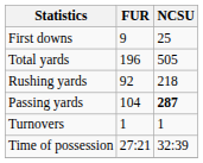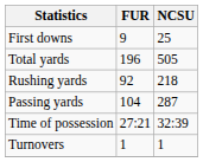 <table class="wikitable">
 <tr>
 <th>Statistics</th>
 <th>FUR</th>
 <th>NCSU</th>
 </tr>
 <tr>
 <td>First downs</td>
 <td>9</td>
 <td>25</td>
 </tr>
 <tr>
 <td>Total yards</td>
 <td>196</td>
 <td>505</td>
 </tr>
 <tr>
 <td>Rushing yards</td>
 <td>92</td>
 <td>218</td>
 </tr>
 <tr>
 <td>Passing yards</td>
 <td>104</td>
-<td><strong>287</strong></td>
+<td>287</td>
+</tr>
+<tr>
+<td>Time of possession</td>
+<td>27:21</td>
+<td>32:39</td>
 </tr>
 <tr>
 <td>Turnovers</td>
 <td>1</td>
 <td>1</td>
 </tr>
 <tr>
-<td>Time of possession</td>
-<td>27:21</td>
-<td>32:39</td>
-</tr>
-<tr>
 </tr>
 </table>
